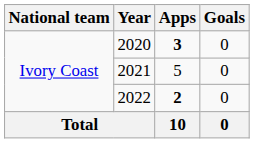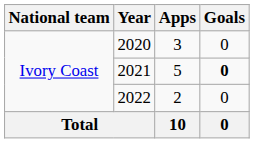 <table class=wikitable style=text-align:center>
 <tr>
 <th>National team</th>
 <th>Year</th>
 <th>Apps</th>
 <th>Goals</th>
 </tr>
 <tr>
 <td rowspan="3"><a href='#'>Ivory Coast</a></td>
 <td>2020</td>
-<td><strong>3</strong></td>
+<td>3</td>
 <td>0</td>
 </tr>
 <tr>
 <td>2021</td>
 <td>5</td>
-<td>0</td>
+<td><strong>0</strong></td>
 </tr>
 <tr>
 <td>2022</td>
-<td><strong>2</strong></td>
+<td>2</td>
 <td>0</td>
 </tr>
 <tr>
 <th colspan="2">Total</th>
 <th>10</th>
 <th>0</th>
 </tr>
 </table>
